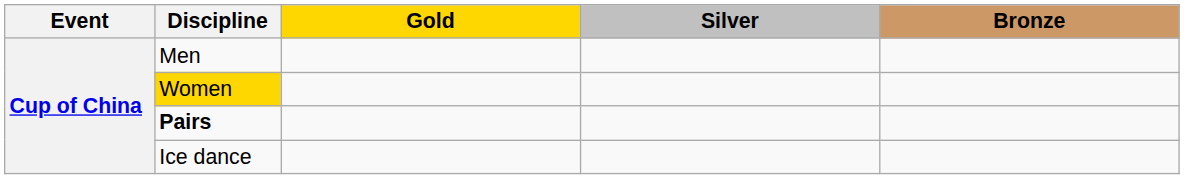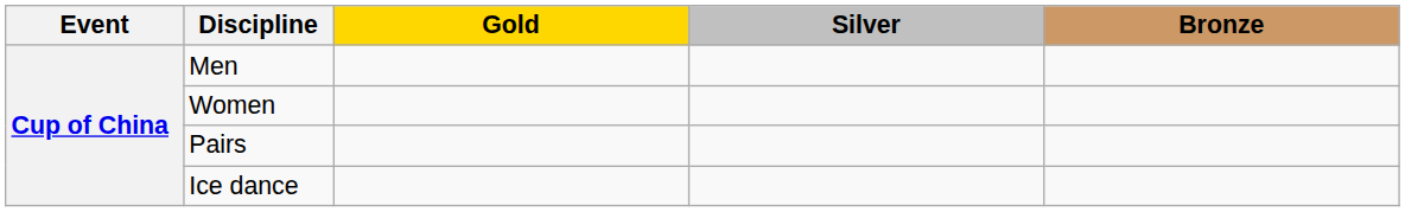 <table class="wikitable unsortable" style="text-align:left; width:100%;">
 <tr>
 <th scope="col" style="width:10%">Event</th>
 <th scope="col" style="width:5%">Discipline</th>
 <td scope="col" style="text-align:center; width:20%; background:gold"><strong>Gold</strong></td>
 <td scope="col" style="text-align:center; width:20%; background:silver"><strong>Silver</strong></td>
 <td scope="col" style="text-align:center; width:20%; background:#c96"><strong>Bronze</strong></td>
 </tr>
 <tr>
 <th scope="row" style="text-align:left" rowspan="4"> <a href='#'>Cup of China</a></th>
 <td>Men</td>
 <td></td>
 <td></td>
 <td></td>
 </tr>
 <tr>
-<td style="background: gold;">Women</td>
+<td>Women</td>
 <td></td>
 <td></td>
 <td></td>
 </tr>
 <tr>
-<td><strong>Pairs</strong></td>
+<td>Pairs</td>
 <td></td>
 <td></td>
 <td></td>
 </tr>
 <tr>
 <td>Ice dance</td>
 <td></td>
 <td></td>
 <td></td>
 </tr>
 </table>
